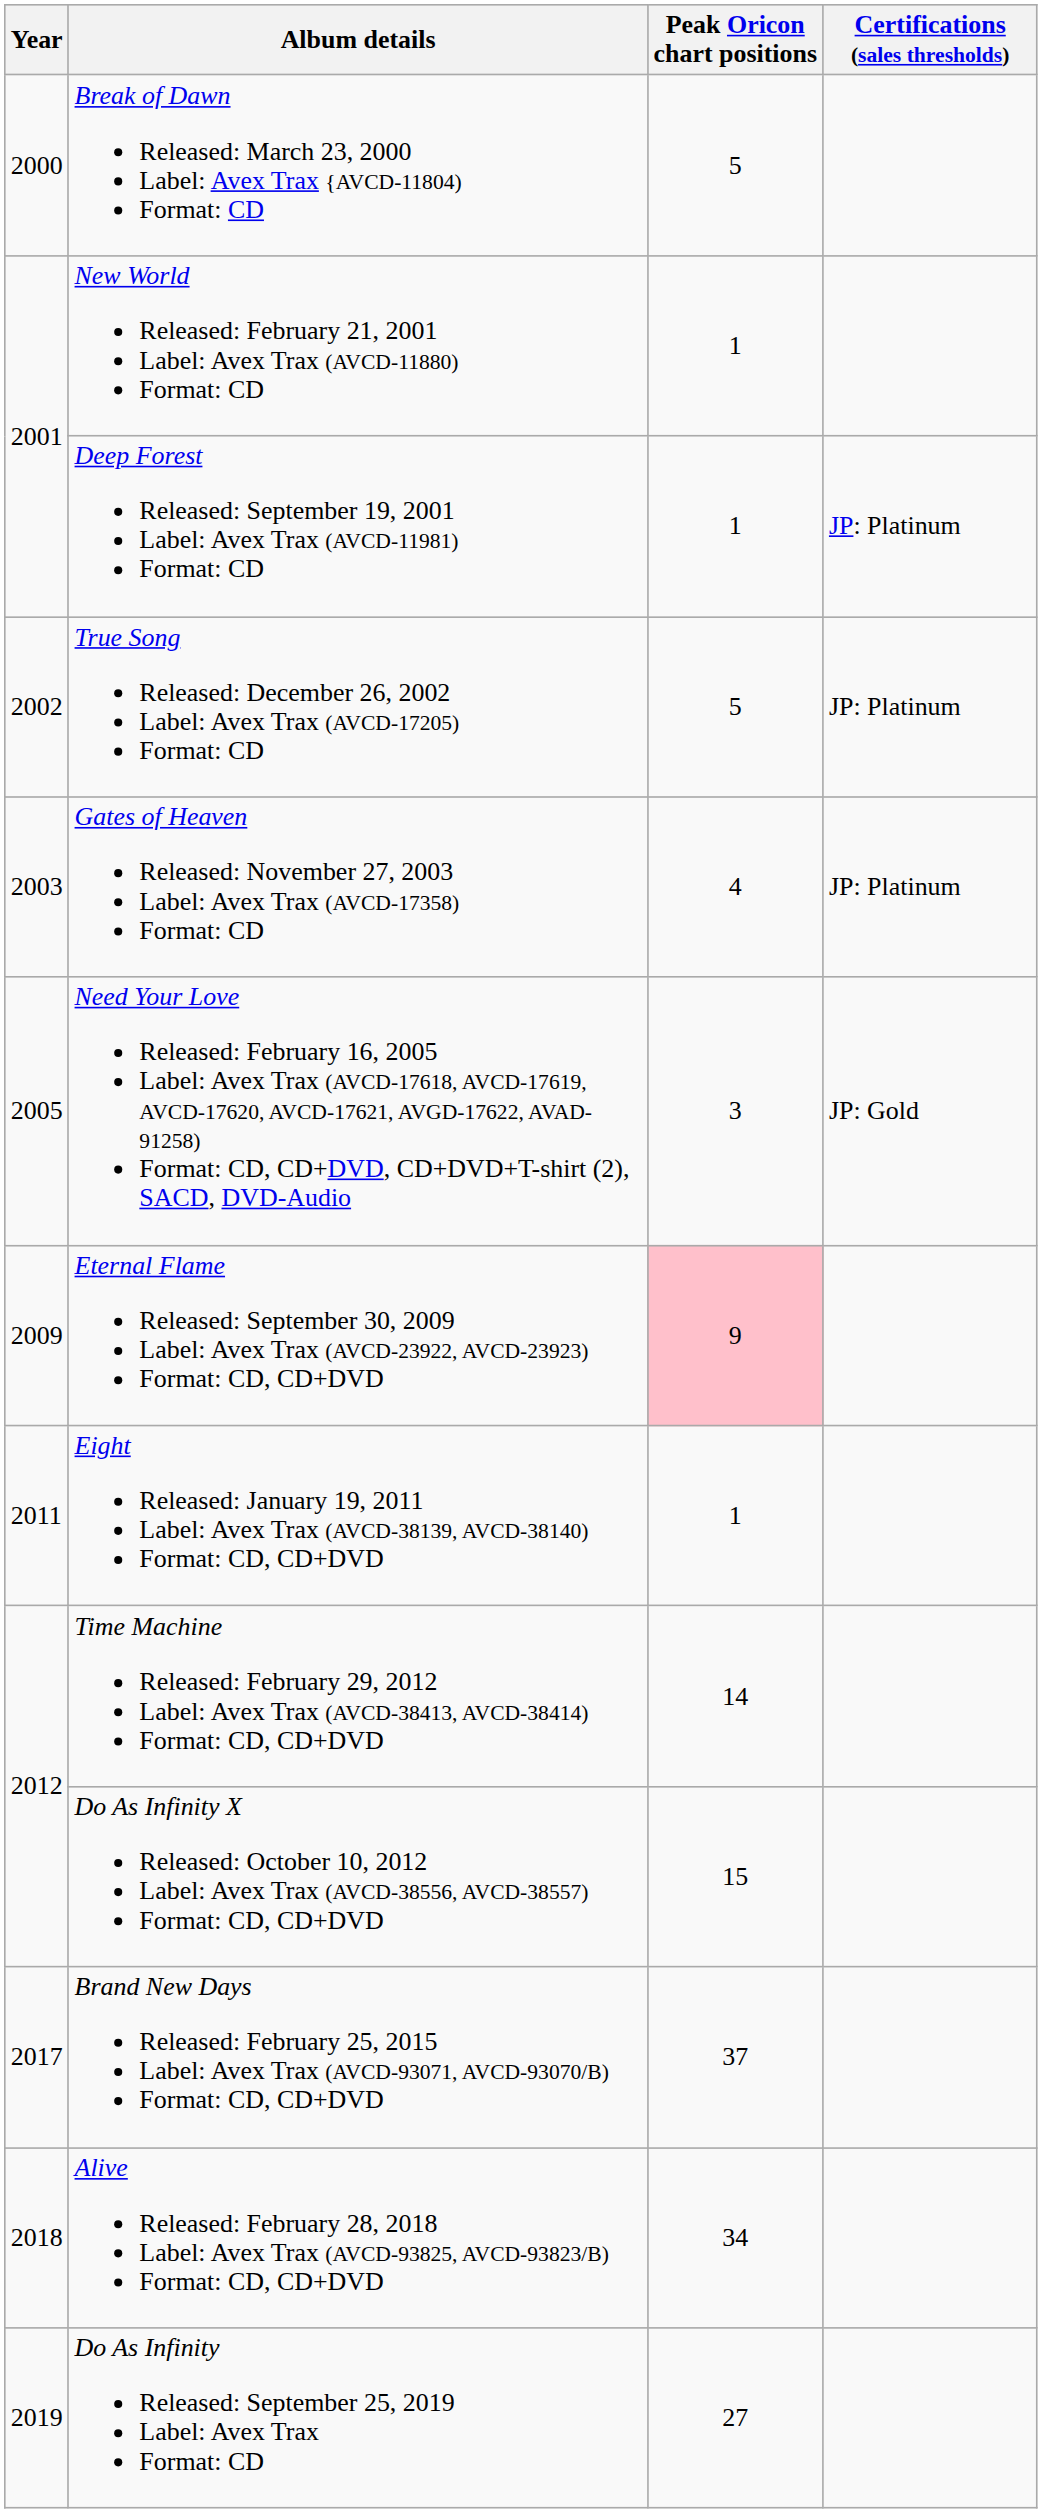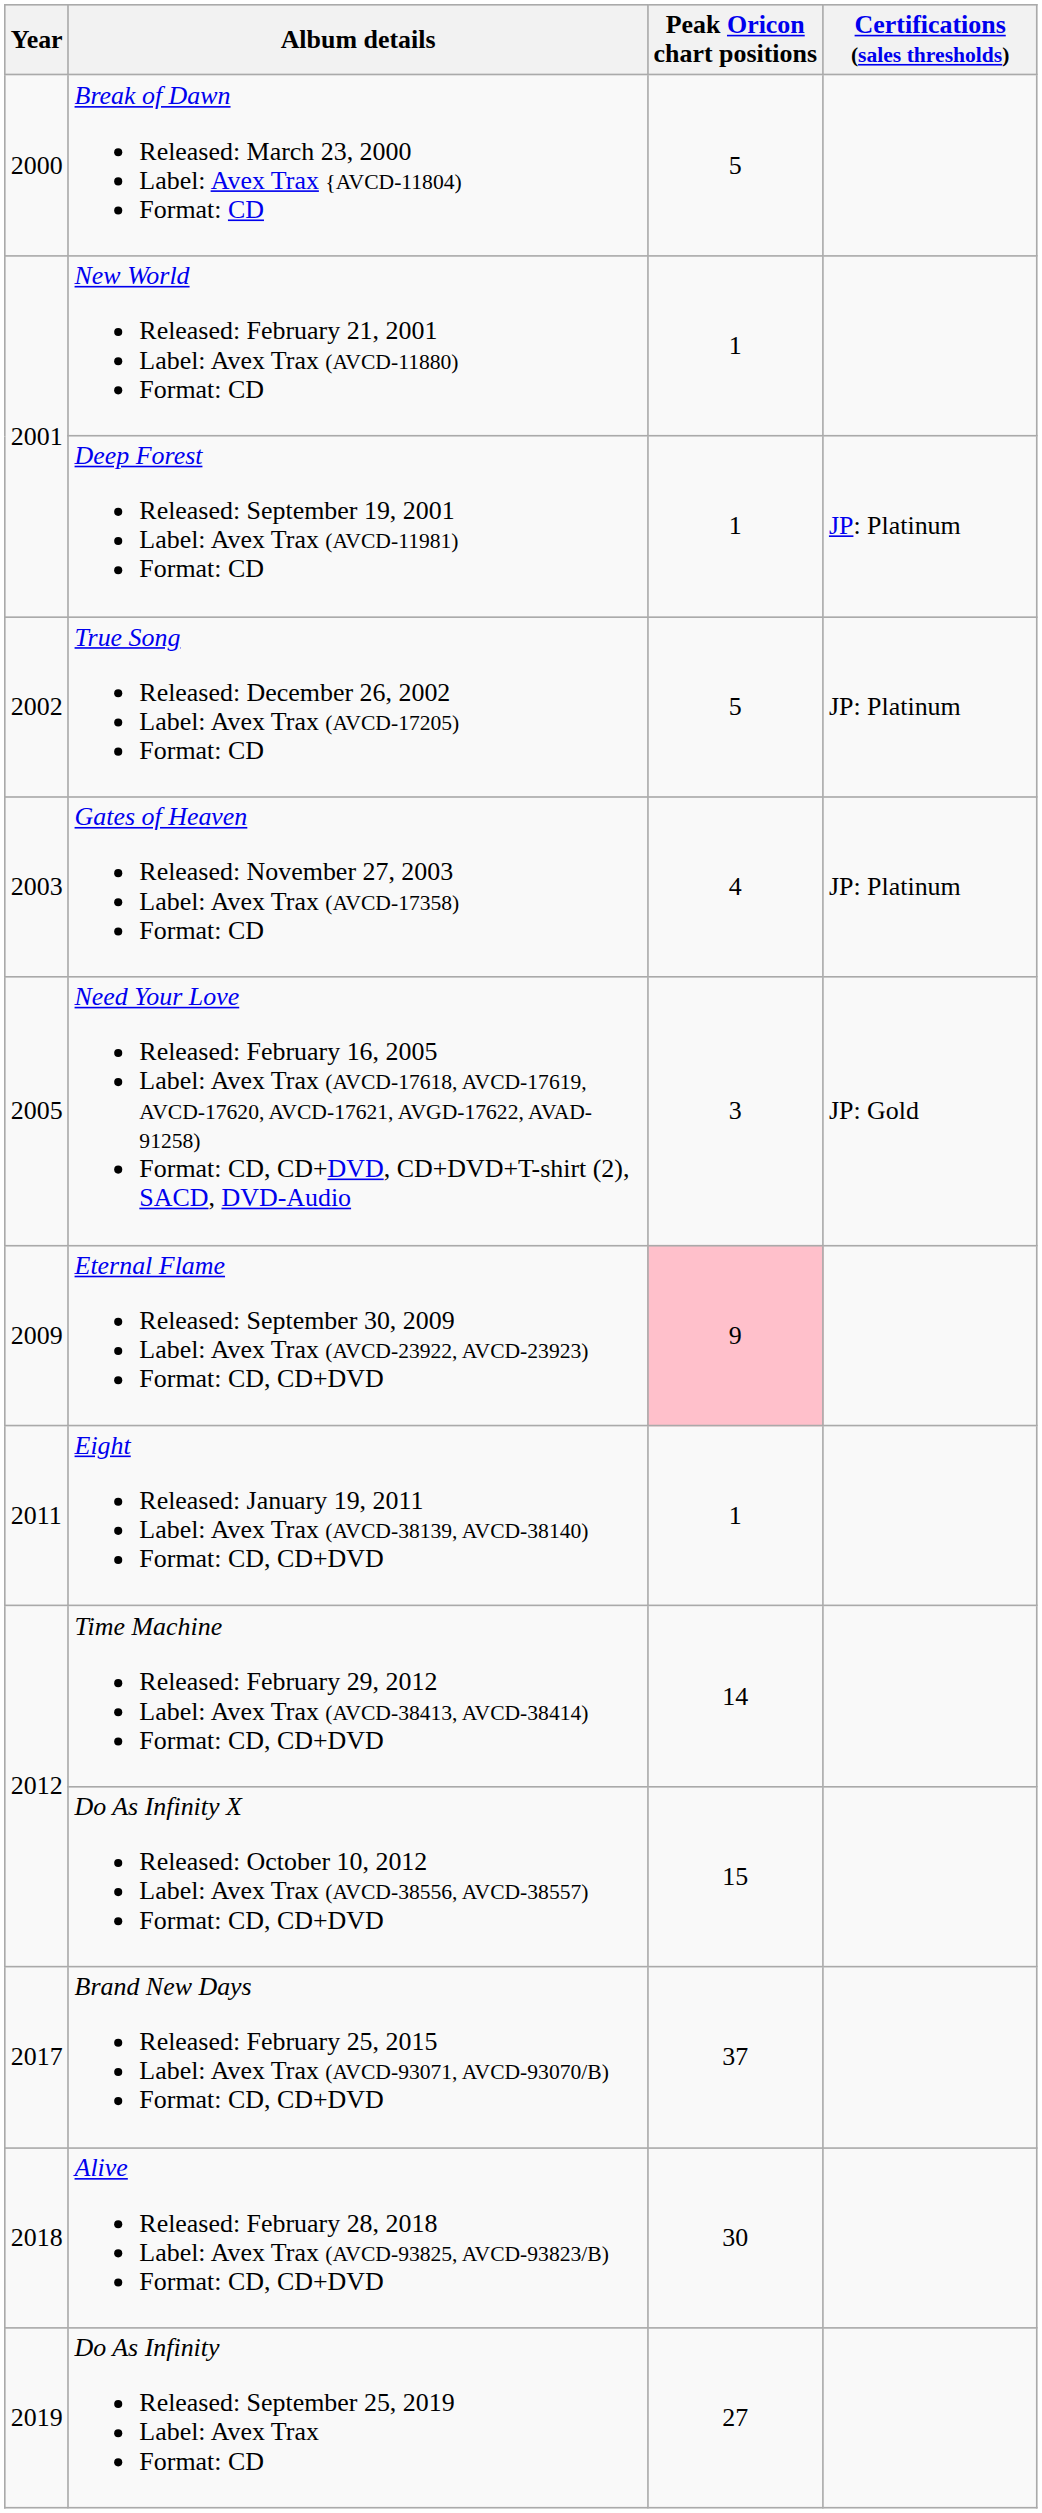 <table class="wikitable" border="1">
 <tr>
 <th rowspan="1">Year</th>
 <th rowspan="1" width="350">Album details</th>
 <th colspan="1">Peak <a href='#'>Oricon</a><br> chart positions</th>
 <th rowspan="1" width="125"><a href='#'>Certifications</a><br><small>(<a href='#'>sales thresholds</a>)</small></th>
 </tr>
 <tr>
 <td>2000</td>
 <td align="left"><em><a href='#'>Break of Dawn</a></em><br><ul><li>Released: March 23, 2000</li><li>Label: <a href='#'>Avex Trax</a> <small>{AVCD-11804)</small></li><li>Format: <a href='#'>CD</a></li></ul></td>
 <td align="center">5</td>
 <td></td>
 </tr>
 <tr>
 <td rowspan="2">2001</td>
 <td align="left"><em><a href='#'>New World</a></em><br><ul><li>Released: February 21, 2001</li><li>Label: Avex Trax <small>(AVCD-11880)</small></li><li>Format: CD</li></ul></td>
 <td align="center">1</td>
 <td></td>
 </tr>
 <tr>
 <td align="left"><em><a href='#'>Deep Forest</a></em><br><ul><li>Released: September 19, 2001</li><li>Label: Avex Trax <small>(AVCD-11981)</small></li><li>Format: CD</li></ul></td>
 <td align="center">1</td>
 <td><a href='#'>JP</a>: Platinum</td>
 </tr>
 <tr>
 <td>2002</td>
 <td align="left"><em><a href='#'>True Song</a></em><br><ul><li>Released: December 26, 2002</li><li>Label: Avex Trax <small>(AVCD-17205)</small></li><li>Format: CD</li></ul></td>
 <td align="center">5</td>
 <td>JP: Platinum</td>
 </tr>
 <tr>
 <td>2003</td>
 <td align="left"><em><a href='#'>Gates of Heaven</a></em><br><ul><li>Released: November 27, 2003</li><li>Label: Avex Trax <small>(AVCD-17358)</small></li><li>Format: CD</li></ul></td>
 <td align="center">4</td>
 <td>JP: Platinum</td>
 </tr>
 <tr>
 <td>2005</td>
 <td align="left"><em><a href='#'>Need Your Love</a></em><br><ul><li>Released: February 16, 2005</li><li>Label: Avex Trax <small>(AVCD-17618, AVCD-17619, AVCD-17620, AVCD-17621, AVGD-17622, AVAD-91258)</small></li><li>Format: CD, CD+<a href='#'>DVD</a>, CD+DVD+T-shirt (2), <a href='#'>SACD</a>, <a href='#'>DVD-Audio</a></li></ul></td>
 <td align="center">3</td>
 <td>JP: Gold</td>
 </tr>
 <tr>
 <td>2009</td>
 <td align="left"><em><a href='#'>Eternal Flame</a></em><br><ul><li>Released: September 30, 2009</li><li>Label: Avex Trax <small>(AVCD-23922, AVCD-23923)</small></li><li>Format: CD, CD+DVD</li></ul></td>
 <td align="center" style="background: pink;">9</td>
 <td></td>
 </tr>
 <tr>
 <td>2011</td>
 <td align="left"><em><a href='#'>Eight</a></em><br><ul><li>Released: January 19, 2011</li><li>Label: Avex Trax <small>(AVCD-38139, AVCD-38140)</small></li><li>Format: CD, CD+DVD</li></ul></td>
 <td align="center">1</td>
 <td></td>
 </tr>
 <tr>
 <td rowspan="2">2012</td>
 <td align="left"><em>Time Machine</em><br><ul><li>Released: February 29, 2012</li><li>Label: Avex Trax <small>(AVCD-38413, AVCD-38414)</small></li><li>Format: CD, CD+DVD</li></ul></td>
 <td align="center">14</td>
 <td></td>
 </tr>
 <tr>
 <td align="left"><em>Do As Infinity X</em><br><ul><li>Released: October 10, 2012</li><li>Label: Avex Trax <small>(AVCD-38556, AVCD-38557)</small></li><li>Format: CD, CD+DVD</li></ul></td>
 <td align="center">15</td>
 <td></td>
 </tr>
 <tr>
 <td>2017</td>
 <td align="left"><em>Brand New Days</em><br><ul><li>Released: February 25, 2015</li><li>Label: Avex Trax <small>(AVCD-93071, AVCD-93070/B)</small></li><li>Format: CD, CD+DVD</li></ul></td>
 <td align="center">37</td>
 <td></td>
 </tr>
 <tr>
 <td>2018</td>
 <td align="left"><em><a href='#'>Alive</a></em><br><ul><li>Released: February 28, 2018</li><li>Label: Avex Trax <small>(AVCD-93825, AVCD-93823/B)</small></li><li>Format: CD, CD+DVD</li></ul></td>
-<td align="center">34</td>
+<td align="center">30</td>
 <td></td>
 </tr>
 <tr>
 <td>2019</td>
 <td align="left"><em>Do As Infinity</em><br><ul><li>Released: September 25, 2019</li><li>Label: Avex Trax</li><li>Format: CD</li></ul></td>
 <td align="center">27</td>
 <td></td>
 </tr>
 </table>
